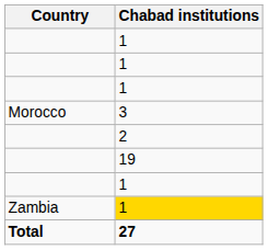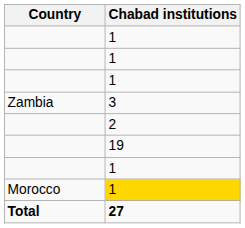 <table class="wikitable sortable">
 <tr>
 <th style="width:110px;">Country</th>
 <th data-sort-type="number">Chabad institutions</th>
 </tr>
 <tr>
 <td style="text-align:left;"></td>
 <td>1</td>
 </tr>
 <tr>
 <td style="text-align:left;"></td>
 <td>1</td>
 </tr>
 <tr>
 <td style="text-align:left;"></td>
 <td>1</td>
 </tr>
 <tr>
-<td>Morocco</td>
+<td>Zambia</td>
 <td>3</td>
 </tr>
 <tr>
 <td style="text-align:left;"></td>
 <td>2</td>
 </tr>
 <tr>
 <td style="text-align:left;"></td>
 <td>19</td>
 </tr>
 <tr>
 <td style="text-align:left;"></td>
 <td>1</td>
 </tr>
 <tr>
-<td>Zambia</td>
+<td>Morocco</td>
 <td style="background: gold;">1</td>
 </tr>
 <tr class="sortbottom">
 <td><strong>Total</strong></td>
 <td><strong>27</strong></td>
 </tr>
 </table>
